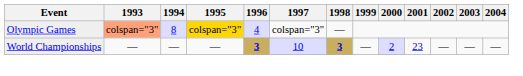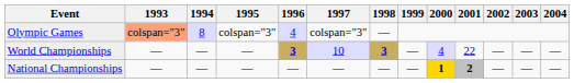 <table class="wikitable plainrowheaders">
 <tr>
 <th>Event</th>
 <th scope="col">1993</th>
 <th scope="col">1994</th>
 <th scope="col">1995</th>
 <th scope="col">1996</th>
 <th scope="col">1997</th>
 <th scope="col">1998</th>
 <th scope="col">1999</th>
 <th scope="col">2000</th>
 <th scope="col">2001</th>
 <th scope="col">2002</th>
 <th scope="col">2003</th>
 <th scope="col">2004</th>
 </tr>
 <tr style="text-align:center;">
 <td style="text-align:left; background:#efefef;"> <a href='#'>Olympic Games</a></td>
 <td style="background: lightsalmon;">colspan="3" </td>
 <td style="background:#ddddff;"><a href='#'>8</a></td>
-<td style="background: gold;">colspan="3" </td>
+<td>colspan="3" </td>
 <td style="background:#ddddff;"><a href='#'>4</a></td>
 <td>colspan="3" </td>
 <td>—</td>
 </tr>
 <tr style="text-align:center;">
 <td style="text-align:left; background:#efefef;"> <a href='#'>World Championships</a></td>
 <td>—</td>
 <td>—</td>
 <td>—</td>
 <td style="background:#C9AE5D;"><a href='#'><strong>3</strong></a></td>
 <td style="background:#ddddff;"><a href='#'>10</a></td>
 <td style="background:#C9AE5D;"><a href='#'><strong>3</strong></a></td>
 <td>—</td>
-<td style="background:#ddddff;"><a href='#'>2</a></td>
-<td><a href='#'>23</a></td>
+<td style="background:#ddddff;"><a href='#'>4</a></td>
+<td><a href='#'>22</a></td>
+<td>—</td>
+<td>—</td>
+<td>—</td>
+</tr>
+<tr style="text-align:center;">
+<td style="text-align:left; background:#efefef;"> <a href='#'>National Championships</a></td>
+<td>—</td>
+<td>—</td>
+<td>—</td>
+<td>—</td>
+<td>—</td>
+<td>—</td>
+<td>—</td>
+<td style="background:gold;"><strong>1</strong></td>
+<td style="background:#C0C0C0;"><strong>2</strong></td>
 <td>—</td>
 <td>—</td>
 <td>—</td>
 </tr>
 </table>
